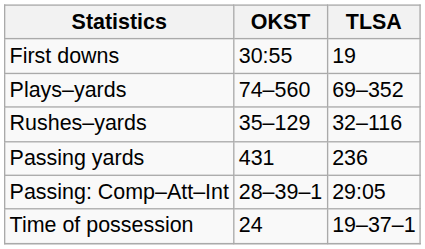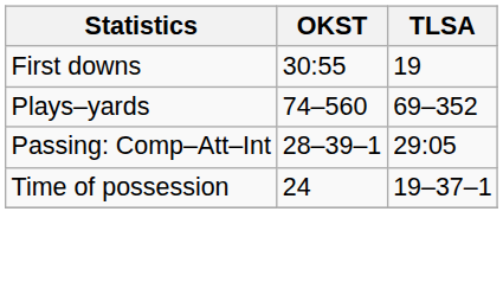 <table class="wikitable" style="float: left;">
 <tr>
 <th>Statistics</th>
 <th>OKST</th>
 <th>TLSA</th>
 </tr>
 <tr>
 <td>First downs</td>
 <td>30:55</td>
 <td>19</td>
 </tr>
 <tr>
 <td>Plays–yards</td>
 <td>74–560</td>
 <td>69–352</td>
 </tr>
 <tr>
-<td>Rushes–yards</td>
-<td>35–129</td>
-<td>32–116</td>
-</tr>
-<tr>
-<td>Passing yards</td>
-<td>431</td>
-<td>236</td>
-</tr>
-<tr>
 <td>Passing: Comp–Att–Int</td>
 <td>28–39–1</td>
 <td>29:05</td>
 </tr>
 <tr>
 <td>Time of possession</td>
 <td>24</td>
 <td>19–37–1</td>
 </tr>
 <tr>
 </tr>
 </table>
